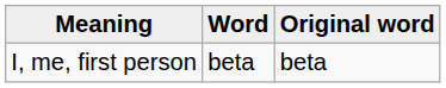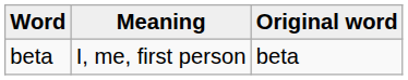 <table class="wikitable">
 <tr>
+<th style="background:#efefef;">Word</th>
 <th style="background:#efefef;">Meaning</th>
-<th style="background:#efefef;">Word</th>
 <th style="background:#efefef;">Original word</th>
 </tr>
 <tr>
+<td>beta</td>
 <td>I, me, first person</td>
-<td>beta</td>
 <td>beta</td>
 </tr>
 </table>
